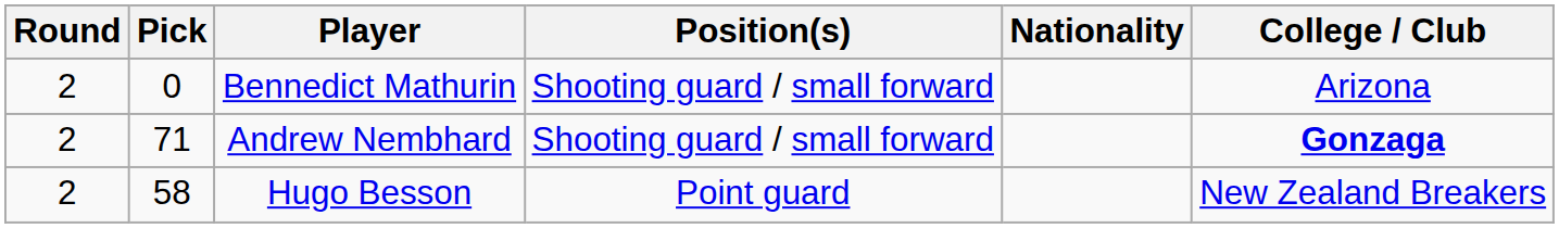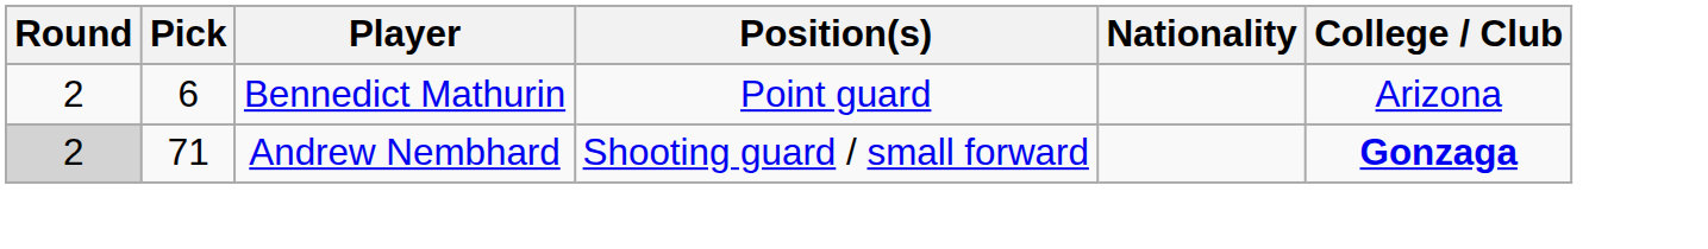 <table class="wikitable sortable sortable">
 <tr>
 <th>Round</th>
 <th>Pick</th>
 <th>Player</th>
 <th>Position(s)</th>
 <th>Nationality</th>
 <th>College / Club</th>
 </tr>
 <tr style="text-align: center">
 <td>2</td>
-<td>0</td>
+<td>6</td>
 <td><a href='#'>Bennedict Mathurin</a></td>
-<td><a href='#'>Shooting guard</a> / <a href='#'>small forward</a></td>
+<td><a href='#'>Point guard</a></td>
 <td></td>
 <td><a href='#'>Arizona</a></td>
 </tr>
 <tr style="text-align: center">
-<td>2</td>
+<td style="background: lightgrey;">2</td>
 <td>71</td>
 <td><a href='#'>Andrew Nembhard</a></td>
 <td><a href='#'>Shooting guard</a> / <a href='#'>small forward</a></td>
 <td></td>
 <td><strong><a href='#'>Gonzaga</a></strong></td>
 </tr>
-<tr style="text-align: center">
-<td>2</td>
-<td>58</td>
-<td><a href='#'>Hugo Besson</a></td>
-<td><a href='#'>Point guard</a></td>
-<td></td>
-<td><a href='#'>New Zealand Breakers</a></td>
-</tr>
 </table>
